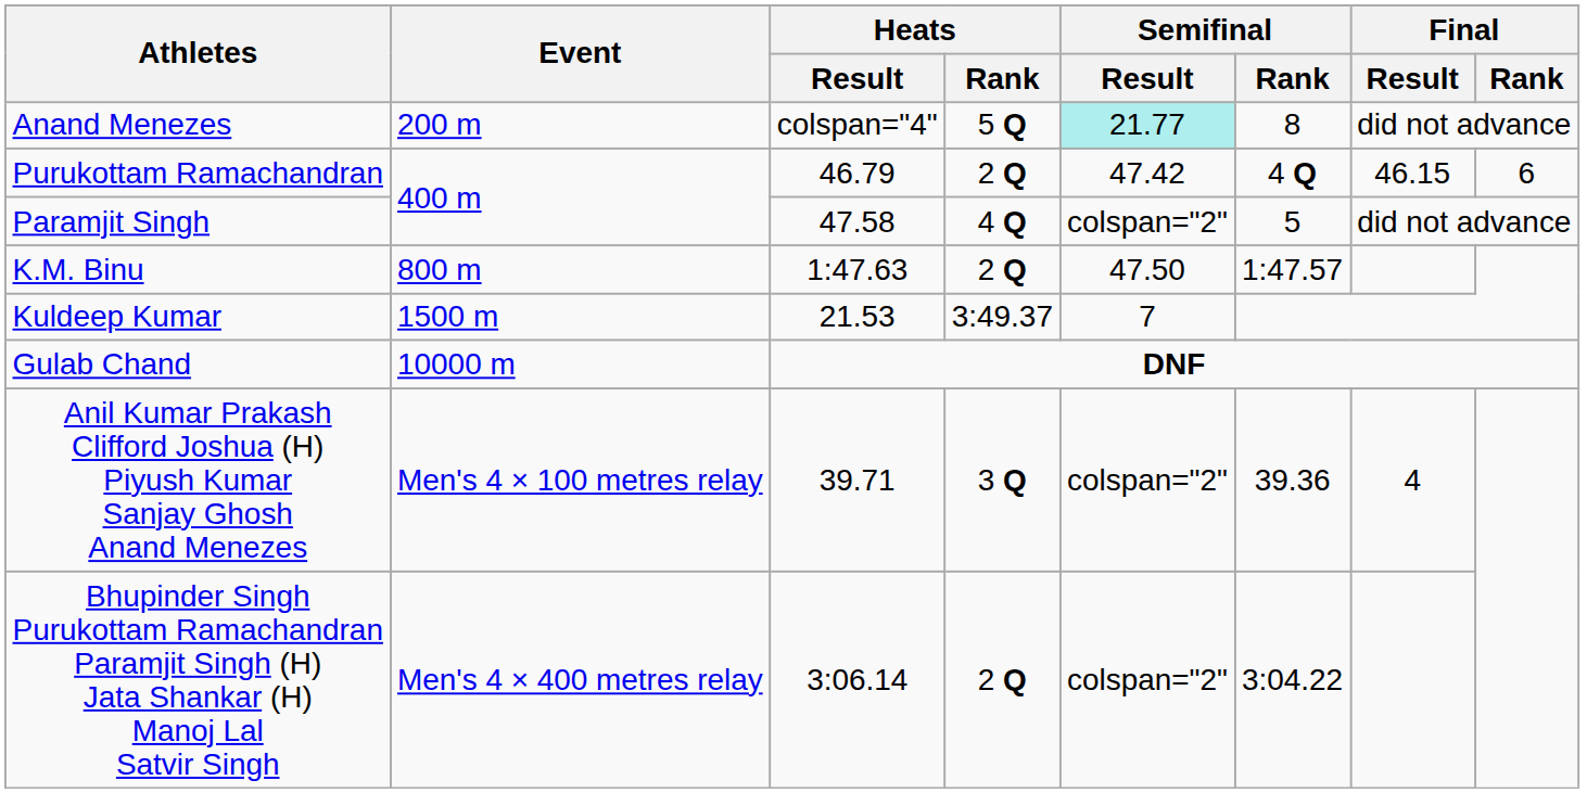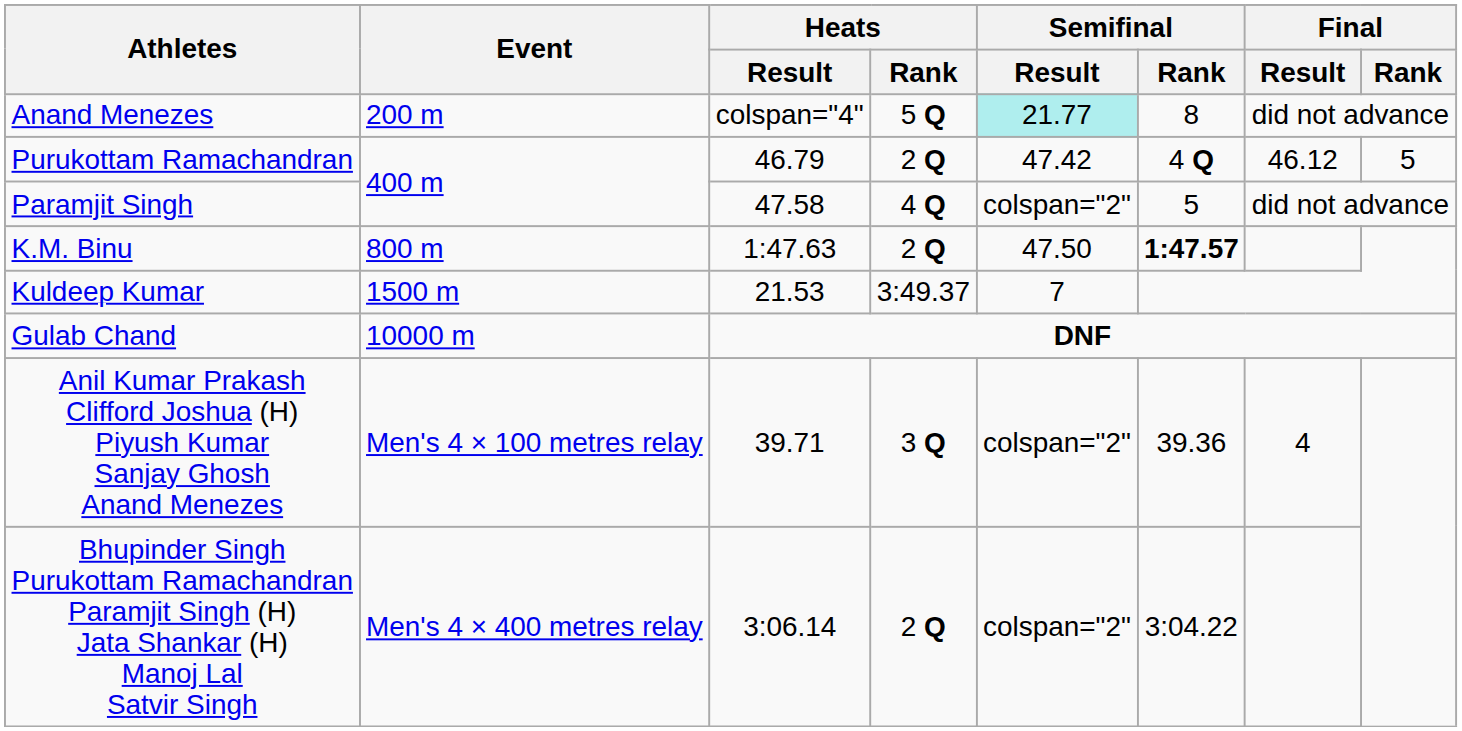 <table class="wikitable" style="text-align:center; font-size:90%">
 <tr>
 <th rowspan=2>Athletes</th>
 <th rowspan=2>Event</th>
 <th colspan=2>Heats</th>
 <th colspan=2>Semifinal</th>
 <th colspan=2>Final</th>
 </tr>
 <tr>
 <th>Result</th>
 <th>Rank</th>
 <th>Result</th>
 <th>Rank</th>
 <th>Result</th>
 <th>Rank</th>
 </tr>
 <tr>
 <td align=left><a href='#'>Anand Menezes</a></td>
 <td align=left><a href='#'>200 m</a></td>
 <td>colspan="4" </td>
 <td>5 <strong>Q</strong></td>
 <td style="background: paleturquoise;">21.77</td>
 <td>8</td>
 <td colspan=2>did not advance</td>
 </tr>
 <tr>
 <td align=left><a href='#'>Purukottam Ramachandran</a></td>
 <td align=left rowspan=2><a href='#'>400 m</a></td>
 <td>46.79</td>
 <td>2 <strong>Q</strong></td>
 <td>47.42</td>
 <td>4 <strong>Q</strong></td>
-<td>46.15</td>
-<td>6</td>
+<td>46.12</td>
+<td>5</td>
 </tr>
 <tr>
 <td align=left><a href='#'>Paramjit Singh</a></td>
 <td>47.58</td>
 <td>4 <strong>Q</strong></td>
 <td>colspan="2" </td>
 <td>5</td>
 <td colspan=2>did not advance</td>
 </tr>
 <tr>
 <td align=left><a href='#'>K.M. Binu</a></td>
 <td align=left><a href='#'>800 m</a></td>
 <td>1:47.63</td>
 <td>2 <strong>Q</strong></td>
 <td>47.50</td>
-<td>1:47.57</td>
+<td><strong>1:47.57</strong></td>
 <td></td>
 </tr>
 <tr>
 <td align=left><a href='#'>Kuldeep Kumar</a></td>
 <td align=left><a href='#'>1500 m</a></td>
 <td>21.53</td>
 <td>3:49.37</td>
 <td>7</td>
 </tr>
 <tr>
 <td align=left><a href='#'>Gulab Chand</a></td>
 <td align=left><a href='#'>10000 m</a></td>
 <td style="text-align:center" colspan="6"><strong>DNF</strong></td>
 </tr>
 <tr>
 <td><a href='#'>Anil Kumar Prakash</a><br> <a href='#'>Clifford Joshua</a> (H) <br><a href='#'>Piyush Kumar</a> <br><a href='#'>Sanjay Ghosh</a> <br><a href='#'>Anand Menezes</a></td>
 <td><a href='#'>Men's 4 × 100 metres relay</a></td>
 <td>39.71</td>
 <td>3 <strong>Q</strong></td>
 <td>colspan="2" </td>
 <td>39.36</td>
 <td>4</td>
 </tr>
 <tr>
 <td><a href='#'>Bhupinder Singh</a><br> <a href='#'>Purukottam Ramachandran</a> <br><a href='#'>Paramjit Singh</a> (H) <br><a href='#'>Jata Shankar</a> (H) <br><a href='#'>Manoj Lal</a> <br><a href='#'>Satvir Singh</a></td>
 <td><a href='#'>Men's 4 × 400 metres relay</a></td>
 <td>3:06.14</td>
 <td>2 <strong>Q</strong></td>
 <td>colspan="2" </td>
 <td>3:04.22</td>
 <td></td>
 </tr>
 <tr>
 </tr>
 </table>
